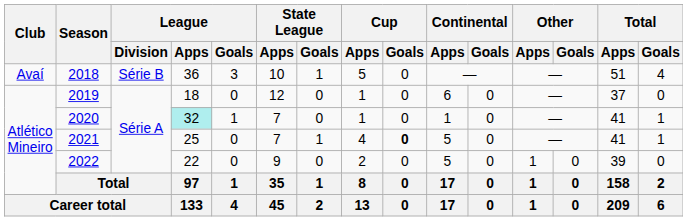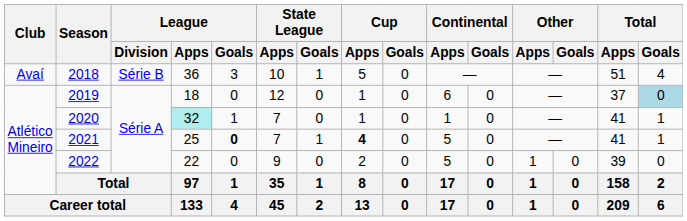 <table class="wikitable" style="text-align: center;">
 <tr>
 <th rowspan="2">Club</th>
 <th rowspan="2">Season</th>
 <th colspan="3">League</th>
 <th colspan="2">State League</th>
 <th colspan="2">Cup</th>
 <th colspan="2">Continental</th>
 <th colspan="2">Other</th>
 <th colspan="2">Total</th>
 </tr>
 <tr>
 <th>Division</th>
 <th>Apps</th>
 <th>Goals</th>
 <th>Apps</th>
 <th>Goals</th>
 <th>Apps</th>
 <th>Goals</th>
 <th>Apps</th>
 <th>Goals</th>
 <th>Apps</th>
 <th>Goals</th>
 <th>Apps</th>
 <th>Goals</th>
 </tr>
 <tr>
 <td rowspan="1"><a href='#'>Avaí</a></td>
 <td><a href='#'>2018</a></td>
 <td><a href='#'>Série B</a></td>
 <td>36</td>
 <td>3</td>
 <td>10</td>
 <td>1</td>
 <td>5</td>
 <td>0</td>
 <td colspan="2">—</td>
 <td colspan="2">—</td>
 <td>51</td>
 <td>4</td>
 </tr>
 <tr>
 <td rowspan="5"><a href='#'>Atlético Mineiro</a></td>
 <td><a href='#'>2019</a></td>
 <td rowspan="4"><a href='#'>Série A</a></td>
 <td>18</td>
 <td>0</td>
 <td>12</td>
 <td>0</td>
 <td>1</td>
 <td>0</td>
 <td>6</td>
 <td>0</td>
 <td colspan="2">—</td>
 <td>37</td>
-<td>0</td>
+<td style="background: lightblue;">0</td>
 </tr>
 <tr>
 <td><a href='#'>2020</a></td>
 <td style="background: paleturquoise;">32</td>
 <td>1</td>
 <td>7</td>
 <td>0</td>
 <td>1</td>
 <td>0</td>
 <td>1</td>
 <td>0</td>
 <td colspan="2">—</td>
 <td>41</td>
 <td>1</td>
 </tr>
 <tr>
 <td><a href='#'>2021</a></td>
 <td>25</td>
-<td>0</td>
+<td><strong>0</strong></td>
 <td>7</td>
 <td>1</td>
-<td>4</td>
-<td><strong>0</strong></td>
+<td><strong>4</strong></td>
+<td>0</td>
 <td>5</td>
 <td>0</td>
 <td colspan="2">—</td>
 <td>41</td>
 <td>1</td>
 </tr>
 <tr>
 <td><a href='#'>2022</a></td>
 <td>22</td>
 <td>0</td>
 <td>9</td>
 <td>0</td>
 <td>2</td>
 <td>0</td>
 <td>5</td>
 <td>0</td>
 <td>1</td>
 <td>0</td>
 <td>39</td>
 <td>0</td>
 </tr>
 <tr>
 <th colspan="2">Total</th>
 <th>97</th>
 <th>1</th>
 <th>35</th>
 <th>1</th>
 <th>8</th>
 <th>0</th>
 <th>17</th>
 <th>0</th>
 <th>1</th>
 <th>0</th>
 <th>158</th>
 <th>2</th>
 </tr>
 <tr>
 <th colspan="3">Career total</th>
 <th>133</th>
 <th>4</th>
 <th>45</th>
 <th>2</th>
 <th>13</th>
 <th>0</th>
 <th>17</th>
 <th>0</th>
 <th>1</th>
 <th>0</th>
 <th>209</th>
 <th>6</th>
 </tr>
 </table>
